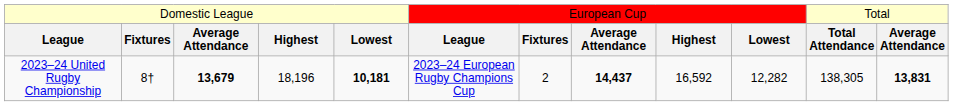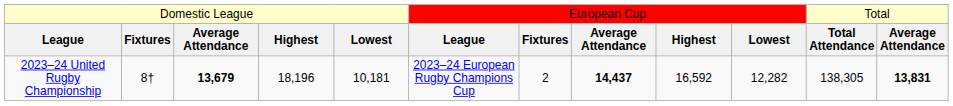 <table class="wikitable sortable" style="font-size:90%; width:90%;">
 <tr>
 <td colspan="5" class="wikitable sortable" style="width:45%; background:#ffffcc; text-align:center;"><span>Domestic League</span></td>
 <td colspan="5" class="wikitable sortable" style="width:45%; background:#f00; text-align:center;"><span>European Cup</span></td>
 <td colspan="2" class="wikitable sortable" style="width:45%; background:#ffffcc; text-align:center;"><span>Total</span></td>
 </tr>
 <tr>
 <th style="width:15%;">League</th>
 <th style="width:5%;">Fixtures</th>
 <th style="width:10%;">Average Attendance</th>
 <th style="width:10%;">Highest</th>
 <th style="width:10%;">Lowest</th>
 <th style="width:15%;">League</th>
 <th style="width:5%;">Fixtures</th>
 <th style="width:10%;">Average Attendance</th>
 <th style="width:10%;">Highest</th>
 <th style="width:10%;">Lowest</th>
 <th style="width:10%;">Total Attendance</th>
 <th style="width:10%;">Average Attendance</th>
 </tr>
 <tr>
 <td align=center><a href='#'>2023–24 United Rugby Championship</a></td>
 <td align=center>8†</td>
 <td align=center><strong>13,679</strong></td>
 <td align=center>18,196</td>
-<td align=center><strong>10,181</strong></td>
+<td align=center>10,181</td>
 <td align=center><a href='#'>2023–24 European Rugby Champions Cup</a></td>
 <td align=center>2</td>
 <td align=center><strong>14,437</strong></td>
 <td align=center>16,592</td>
 <td align=center>12,282</td>
 <td align=center>138,305</td>
 <td align=center><strong>13,831</strong></td>
 </tr>
 </table>
